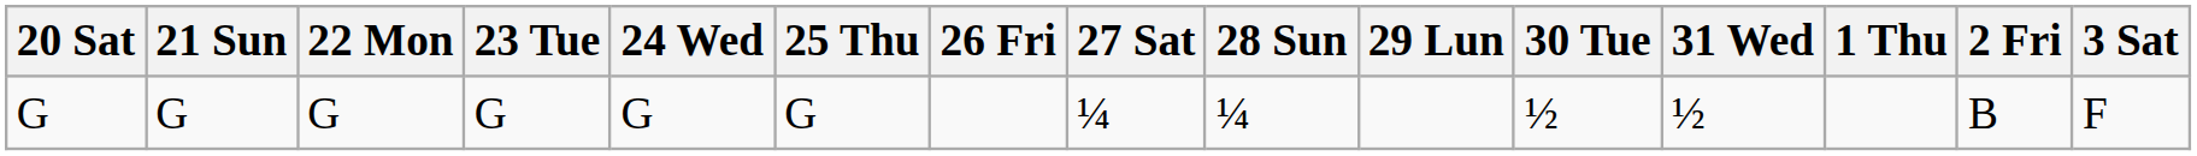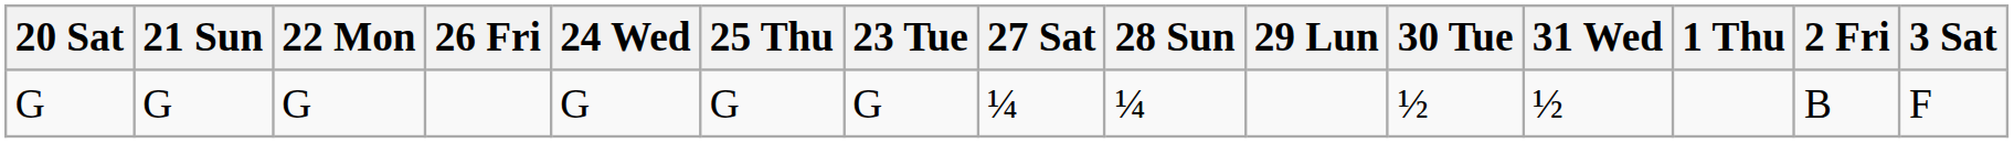 <table class="wikitable olympic-schedule football">
 <tr>
 <th>20 Sat</th>
 <th>21 Sun</th>
 <th>22 Mon</th>
-<th>23 Tue</th>
+<th>26 Fri</th>
 <th>24 Wed</th>
 <th>25 Thu</th>
-<th>26 Fri</th>
+<th>23 Tue</th>
 <th>27 Sat</th>
 <th>28 Sun</th>
 <th>29 Lun</th>
 <th>30 Tue</th>
 <th>31 Wed</th>
 <th>1 Thu</th>
 <th>2 Fri</th>
 <th>3 Sat</th>
 </tr>
 <tr>
 <td class="team-group">G</td>
 <td class="team-group">G</td>
 <td class="team-group">G</td>
+<td></td>
 <td class="team-group">G</td>
 <td class="team-group">G</td>
 <td class="team-group">G</td>
-<td></td>
 <td class="team-qf">¼</td>
 <td class="team-qf">¼</td>
 <td></td>
 <td class="team-sf">½</td>
 <td class="team-sf">½</td>
 <td></td>
 <td class="team-bronze">B</td>
 <td class="team-final">F</td>
 </tr>
 </table>
